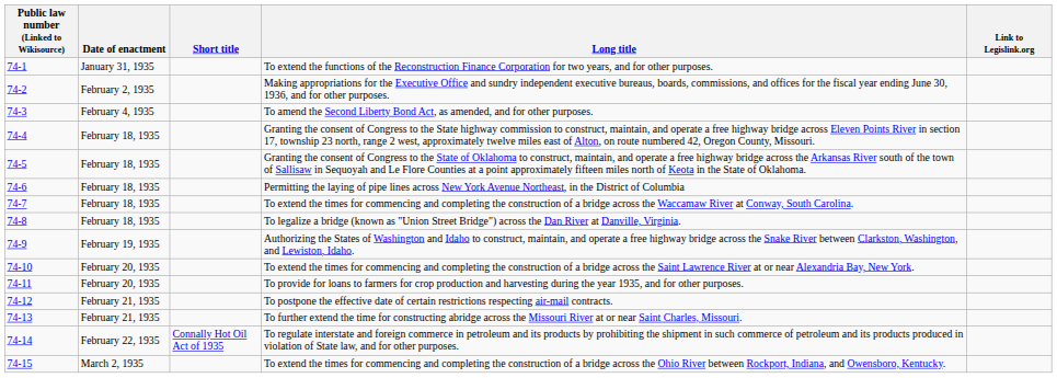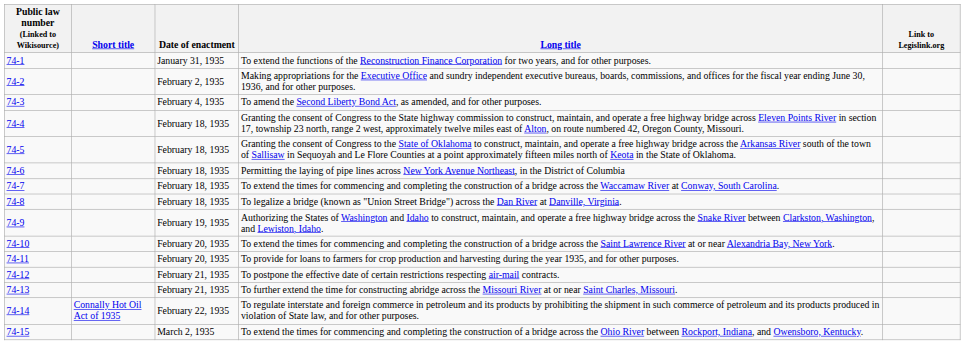 <table class=wikitable>
 <tr valign=bottom>
 <th>Public law number<br><small>(Linked to Wikisource)</small></th>
+<th><a href='#'>Short title</a></th>
 <th style="width:130px;">Date of enactment</th>
-<th><a href='#'>Short title</a></th>
 <th><a href='#'>Long title</a></th>
 <th style="width:120px;"><small>Link to Legislink.org  </small></th>
 </tr>
 <tr>
 <td><a href='#'>74-1</a></td>
+<td></td>
 <td>January 31, 1935</td>
-<td></td>
 <td>To extend the functions of the <a href='#'>Reconstruction Finance Corporation</a> for two years, and for other purposes.</td>
 <td></td>
 </tr>
 <tr>
 <td><a href='#'>74-2</a></td>
+<td></td>
 <td>February 2, 1935</td>
-<td></td>
 <td>Making appropriations for the <a href='#'>Executive Office</a> and sundry independent executive bureaus, boards, commissions, and offices for the fiscal year ending June 30, 1936, and for other purposes.</td>
 <td></td>
 </tr>
 <tr>
 <td><a href='#'>74-3</a></td>
+<td></td>
 <td>February 4, 1935</td>
-<td></td>
 <td>To amend the <a href='#'>Second Liberty Bond Act</a>, as amended, and for other purposes.</td>
 <td></td>
 </tr>
 <tr>
 <td><a href='#'>74-4</a></td>
+<td></td>
 <td>February 18, 1935</td>
-<td></td>
 <td>Granting the consent of Congress to the State highway commission to construct, maintain, and operate a free highway bridge across <a href='#'>Eleven Points River</a> in section 17, township 23 north, range 2 west, approximately twelve miles east of <a href='#'>Alton</a>, on route numbered 42, Oregon County, Missouri.</td>
 <td></td>
 </tr>
 <tr>
 <td><a href='#'>74-5</a></td>
+<td></td>
 <td>February 18, 1935</td>
-<td></td>
 <td>Granting the consent of Congress to the <a href='#'>State of Oklahoma</a> to construct, maintain, and operate a free highway bridge across the <a href='#'>Arkansas River</a> south of the town of <a href='#'>Sallisaw</a> in Sequoyah and Le Flore Counties at a point approximately fifteen miles north of <a href='#'>Keota</a> in the State of Oklahoma.</td>
 <td></td>
 </tr>
 <tr>
 <td><a href='#'>74-6</a></td>
+<td></td>
 <td>February 18, 1935</td>
-<td></td>
 <td>Permitting the laying of pipe lines across <a href='#'>New York Avenue Northeast</a>, in the District of Columbia</td>
 <td></td>
 </tr>
 <tr>
 <td><a href='#'>74-7</a></td>
+<td></td>
 <td>February 18, 1935</td>
-<td></td>
 <td>To extend the times for commencing and completing the construction of a bridge across the <a href='#'>Waccamaw River</a> at <a href='#'>Conway, South Carolina</a>.</td>
 <td></td>
 </tr>
 <tr>
 <td><a href='#'>74-8</a></td>
+<td></td>
 <td>February 18, 1935</td>
-<td></td>
 <td>To legalize a bridge (known as "Union Street Bridge") across the <a href='#'>Dan River</a> at <a href='#'>Danville, Virginia</a>.</td>
 <td></td>
 </tr>
 <tr>
 <td><a href='#'>74-9</a></td>
+<td></td>
 <td>February 19, 1935</td>
-<td></td>
 <td>Authorizing the States of <a href='#'>Washington</a> and <a href='#'>Idaho</a> to construct, maintain, and operate a free highway bridge across the <a href='#'>Snake River</a> between <a href='#'>Clarkston, Washington</a>, and <a href='#'>Lewiston, Idaho</a>.</td>
 <td></td>
 </tr>
 <tr>
 <td><a href='#'>74-10</a></td>
+<td></td>
 <td>February 20, 1935</td>
-<td></td>
 <td>To extend the times for commencing and completing the construction of a bridge across the <a href='#'>Saint Lawrence River</a> at or near <a href='#'>Alexandria Bay, New York</a>.</td>
 <td></td>
 </tr>
 <tr>
 <td><a href='#'>74-11</a></td>
+<td></td>
 <td>February 20, 1935</td>
-<td></td>
 <td>To provide for loans to farmers for crop production and harvesting during the year 1935, and for other purposes.</td>
 <td></td>
 </tr>
 <tr>
 <td><a href='#'>74-12</a></td>
+<td></td>
 <td>February 21, 1935</td>
-<td></td>
 <td>To postpone the effective date of certain restrictions respecting <a href='#'>air-mail</a> contracts.</td>
 <td></td>
 </tr>
 <tr>
 <td><a href='#'>74-13</a></td>
+<td></td>
 <td>February 21, 1935</td>
-<td></td>
 <td>To further extend the time for constructing abridge across the <a href='#'>Missouri River</a> at or near <a href='#'>Saint Charles, Missouri</a>.</td>
 <td></td>
 </tr>
 <tr>
 <td><a href='#'>74-14</a></td>
+<td><a href='#'>Connally Hot Oil Act of 1935</a></td>
 <td>February 22, 1935</td>
-<td><a href='#'>Connally Hot Oil Act of 1935</a></td>
 <td>To regulate interstate and foreign commerce in petroleum and its products by prohibiting the shipment in such commerce of petroleum and its products produced in violation of State law, and for other purposes.</td>
 <td></td>
 </tr>
 <tr>
 <td><a href='#'>74-15</a></td>
+<td></td>
 <td>March 2, 1935</td>
-<td></td>
 <td>To extend the times for commencing and completing the construction of a bridge across the <a href='#'>Ohio River</a> between <a href='#'>Rockport, Indiana</a>, and <a href='#'>Owensboro, Kentucky</a>.</td>
 <td></td>
 </tr>
 </table>
